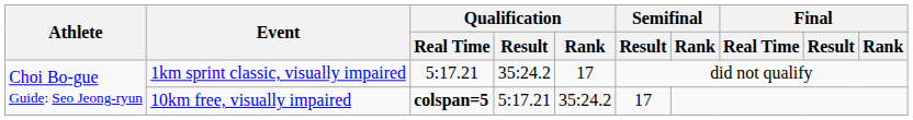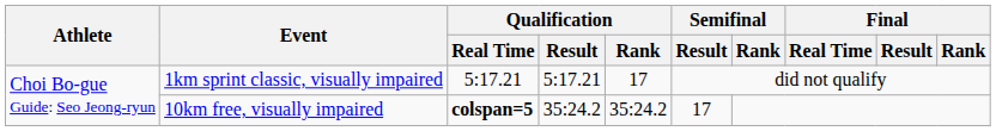 <table class="wikitable" style="font-size:100%">
 <tr>
 <th rowspan="2">Athlete</th>
 <th rowspan="2">Event</th>
 <th colspan="3">Qualification</th>
 <th colspan="2">Semifinal</th>
 <th colspan="3">Final</th>
 </tr>
 <tr>
 <th>Real Time</th>
 <th>Result</th>
 <th>Rank</th>
 <th>Result</th>
 <th>Rank</th>
 <th>Real Time</th>
 <th>Result</th>
 <th>Rank</th>
 </tr>
 <tr>
 <td rowspan=2><a href='#'>Choi Bo-gue</a><br><small><a href='#'>Guide</a>: <a href='#'>Seo Jeong-ryun</a></small></td>
 <td><a href='#'>1km sprint classic, visually impaired</a></td>
 <td align="center">5:17.21</td>
-<td align="center">35:24.2</td>
+<td align="center">5:17.21</td>
 <td align="center">17</td>
 <td colspan=5 align="center">did not qualify</td>
 </tr>
 <tr>
 <td><a href='#'>10km free, visually impaired</a></td>
 <td><strong>colspan=5 </strong></td>
-<td align="center">5:17.21</td>
+<td align="center">35:24.2</td>
 <td align="center">35:24.2</td>
 <td align="center">17</td>
 </tr>
 </table>
